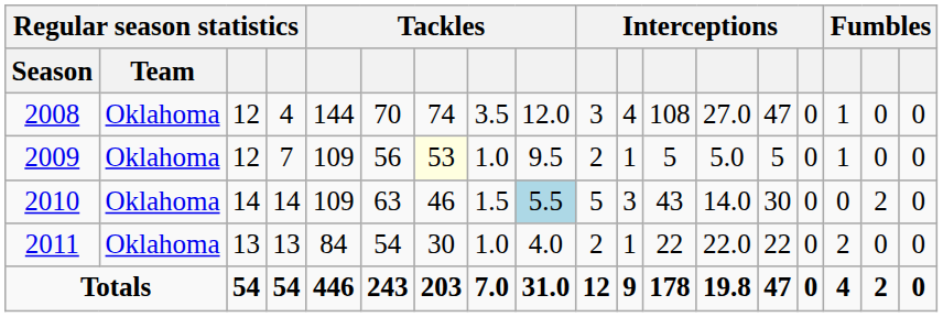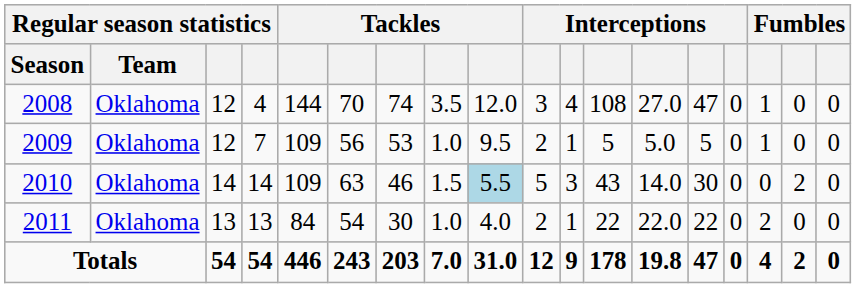 <table class="wikitable" style="text-align:center;">
 <tr>
 <th colspan="4">Regular season statistics</th>
 <th colspan="5">Tackles</th>
 <th colspan="6">Interceptions</th>
 <th colspan="3">Fumbles</th>
 </tr>
 <tr>
 <th>Season</th>
 <th>Team</th>
 <th></th>
 <th></th>
 <th></th>
 <th></th>
 <th></th>
 <th></th>
 <th></th>
 <th></th>
 <th></th>
 <th></th>
 <th></th>
 <th></th>
 <th></th>
 <th></th>
 <th></th>
 <th></th>
 </tr>
 <tr>
 <td><a href='#'>2008</a></td>
 <td><a href='#'>Oklahoma</a></td>
 <td>12</td>
 <td>4</td>
 <td>144</td>
 <td>70</td>
 <td>74</td>
 <td>3.5</td>
 <td>12.0</td>
 <td>3</td>
 <td>4</td>
 <td>108</td>
 <td>27.0</td>
 <td>47</td>
 <td>0</td>
 <td>1</td>
 <td>0</td>
 <td>0</td>
 </tr>
 <tr>
 <td><a href='#'>2009</a></td>
 <td><a href='#'>Oklahoma</a></td>
 <td>12</td>
 <td>7</td>
 <td>109</td>
 <td>56</td>
-<td style="background: lightyellow;">53</td>
+<td>53</td>
 <td>1.0</td>
 <td>9.5</td>
 <td>2</td>
 <td>1</td>
 <td>5</td>
 <td>5.0</td>
 <td>5</td>
 <td>0</td>
 <td>1</td>
 <td>0</td>
 <td>0</td>
 </tr>
 <tr>
 <td><a href='#'>2010</a></td>
 <td><a href='#'>Oklahoma</a></td>
 <td>14</td>
 <td>14</td>
 <td>109</td>
 <td>63</td>
 <td>46</td>
 <td>1.5</td>
 <td style="background: lightblue;">5.5</td>
 <td>5</td>
 <td>3</td>
 <td>43</td>
 <td>14.0</td>
 <td>30</td>
 <td>0</td>
 <td>0</td>
 <td>2</td>
 <td>0</td>
 </tr>
 <tr>
 <td><a href='#'>2011</a></td>
 <td><a href='#'>Oklahoma</a></td>
 <td>13</td>
 <td>13</td>
 <td>84</td>
 <td>54</td>
 <td>30</td>
 <td>1.0</td>
 <td>4.0</td>
 <td>2</td>
 <td>1</td>
 <td>22</td>
 <td>22.0</td>
 <td>22</td>
 <td>0</td>
 <td>2</td>
 <td>0</td>
 <td>0</td>
 </tr>
 <tr>
 <td colspan="2"><strong>Totals</strong></td>
 <td><strong>54</strong></td>
 <td><strong>54</strong></td>
 <td><strong>446</strong></td>
 <td><strong>243</strong></td>
 <td><strong>203</strong></td>
 <td><strong>7.0</strong></td>
 <td><strong>31.0</strong></td>
 <td><strong>12</strong></td>
 <td><strong>9</strong></td>
 <td><strong>178</strong></td>
 <td><strong>19.8</strong></td>
 <td><strong>47</strong></td>
 <td><strong>0</strong></td>
 <td><strong>4</strong></td>
 <td><strong>2</strong></td>
 <td><strong>0</strong></td>
 </tr>
 </table>
